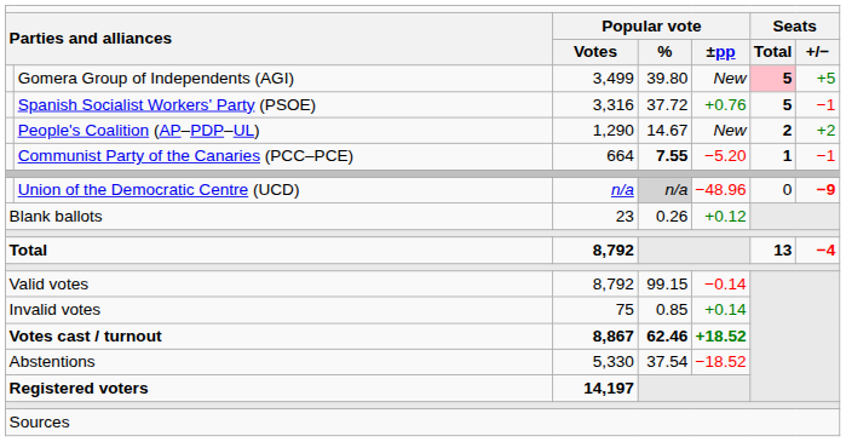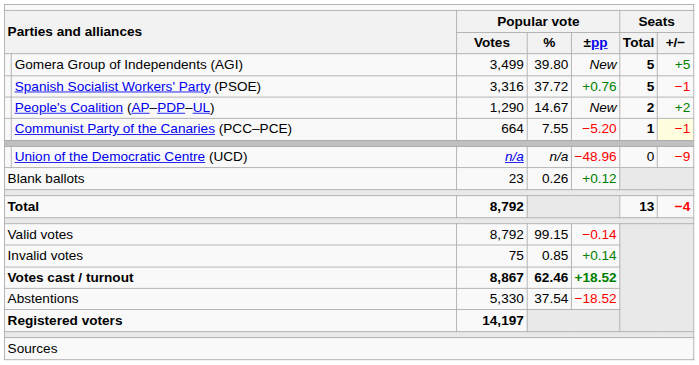 <table class="wikitable" style="text-align:right;">
 <tr>
 <td colspan="7"></td>
 </tr>
 <tr>
 <th style="text-align:left;" rowspan="2" colspan="2" width="525">Parties and alliances</th>
 <th colspan="3">Popular vote</th>
 <th colspan="2">Seats</th>
 </tr>
 <tr>
 <th width="75">Votes</th>
 <th width="45">%</th>
 <th width="45">±<a href='#'>pp</a></th>
 <th width="35">Total</th>
 <th width="35">+/−</th>
 </tr>
 <tr>
 <td width="1" style="color:inherit;background:"></td>
 <td align="left">Gomera Group of Independents (AGI)</td>
 <td>3,499</td>
 <td>39.80</td>
 <td><em>New</em></td>
-<td style="background: pink;"><strong>5</strong></td>
+<td><strong>5</strong></td>
 <td style="color:green;">+5</td>
 </tr>
 <tr>
 <td width="1" style="color:inherit;background:"></td>
 <td align="left"><a href='#'>Spanish Socialist Workers' Party</a> (PSOE)</td>
 <td>3,316</td>
 <td>37.72</td>
 <td style="color:green;">+0.76</td>
 <td><strong>5</strong></td>
 <td style="color:red;">−1</td>
 </tr>
 <tr>
 <td style="color:inherit;background:"></td>
 <td align="left"><a href='#'>People's Coalition</a> (<a href='#'>AP</a>–<a href='#'>PDP</a>–<a href='#'>UL</a>)</td>
 <td>1,290</td>
 <td>14.67</td>
 <td><em>New</em></td>
 <td><strong>2</strong></td>
 <td style="color:green;">+2</td>
 </tr>
 <tr>
 <td style="color:inherit;background:"></td>
 <td align="left"><a href='#'>Communist Party of the Canaries</a> (PCC–PCE)</td>
 <td>664</td>
-<td><strong>7.55</strong></td>
+<td>7.55</td>
 <td style="color:red;">−5.20</td>
 <td><strong>1</strong></td>
-<td style="color:red;">−1</td>
+<td style="background: lightyellow; color:red;">−1</td>
 </tr>
 <tr>
 <td colspan="7" bgcolor="#C0C0C0"></td>
 </tr>
 <tr>
 <td style="color:inherit;background:"></td>
 <td align="left"><a href='#'>Union of the Democratic Centre</a> (UCD)</td>
 <td><em><a href='#'>n/a</a></em></td>
-<td style="background: lightgrey;"><em>n/a</em></td>
+<td><em>n/a</em></td>
 <td style="color:red;">−48.96</td>
 <td>0</td>
-<td style="color:red;"><strong>−9</strong></td>
+<td style="color:red;">−9</td>
 </tr>
 <tr>
 <td align="left" colspan="2">Blank ballots</td>
 <td>23</td>
 <td>0.26</td>
 <td style="color:green;">+0.12</td>
 <td bgcolor="#E9E9E9" colspan="2"></td>
 </tr>
 <tr>
 <td colspan="7" bgcolor="#E9E9E9"></td>
 </tr>
 <tr style="font-weight:bold;">
 <td align="left" colspan="2">Total</td>
 <td>8,792</td>
 <td bgcolor="#E9E9E9" colspan="2"></td>
 <td>13</td>
 <td style="color:red;">−4</td>
 </tr>
 <tr>
 <td colspan="7" bgcolor="#E9E9E9"></td>
 </tr>
 <tr>
 <td align="left" colspan="2">Valid votes</td>
 <td>8,792</td>
 <td>99.15</td>
 <td style="color:red;">−0.14</td>
 <td bgcolor="#E9E9E9" colspan="2" rowspan="5"></td>
 </tr>
 <tr>
 <td align="left" colspan="2">Invalid votes</td>
 <td>75</td>
 <td>0.85</td>
 <td style="color:green;">+0.14</td>
 </tr>
 <tr style="font-weight:bold;">
 <td align="left" colspan="2">Votes cast / turnout</td>
 <td>8,867</td>
 <td>62.46</td>
 <td style="color:green;">+18.52</td>
 </tr>
 <tr>
 <td align="left" colspan="2">Abstentions</td>
 <td>5,330</td>
 <td>37.54</td>
 <td style="color:red;">−18.52</td>
 </tr>
 <tr style="font-weight:bold;">
 <td align="left" colspan="2">Registered voters</td>
 <td>14,197</td>
 <td bgcolor="#E9E9E9" colspan="2"></td>
 </tr>
 <tr>
 <td colspan="7" bgcolor="#E9E9E9"></td>
 </tr>
 <tr>
 <td align="left" colspan="7">Sources</td>
 </tr>
 </table>
